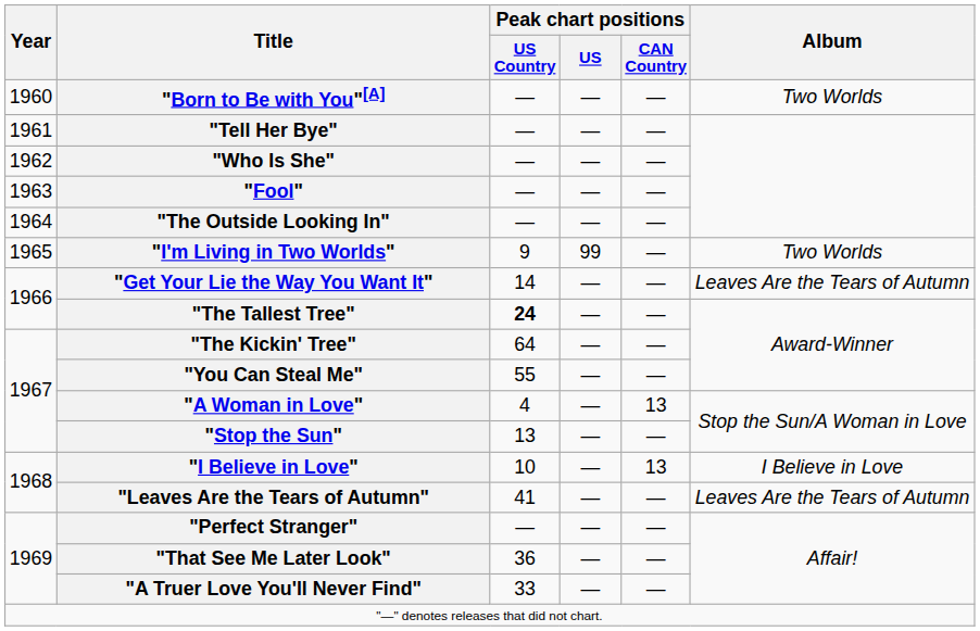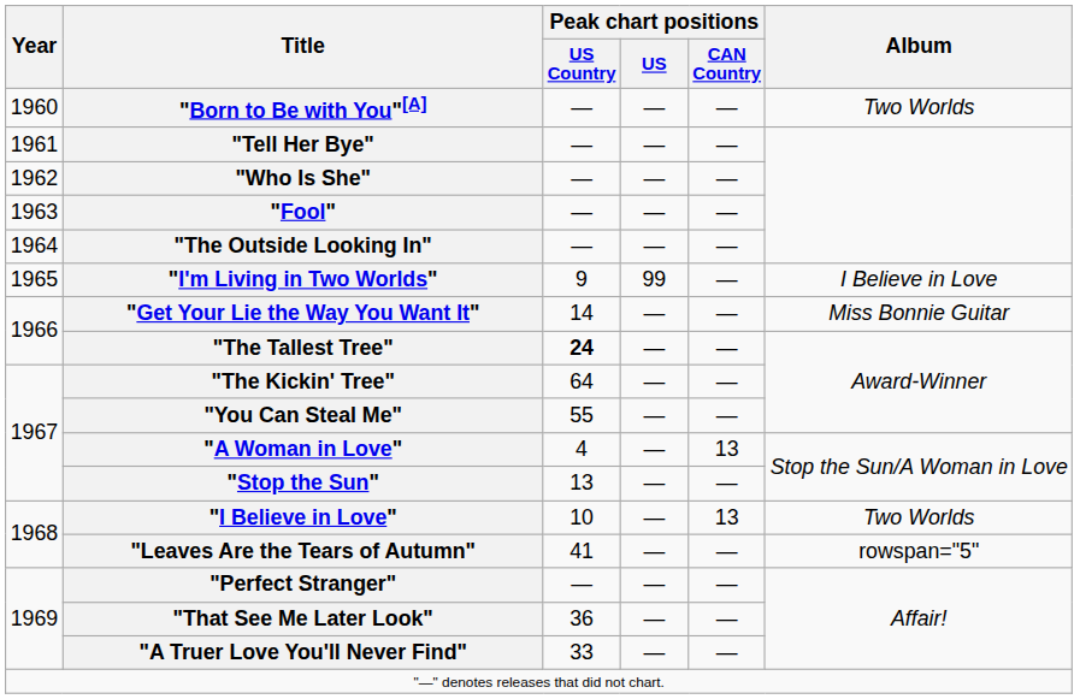 <table class="wikitable plainrowheaders" style="text-align:center;">
 <tr>
 <th rowspan="2">Year</th>
 <th rowspan="2" style="width:22em;">Title</th>
 <th colspan="3">Peak chart positions</th>
 <th rowspan="2">Album</th>
 </tr>
 <tr style="font-size:smaller;">
 <th width="45"><a href='#'>US Country</a><br></th>
 <th width="45"><a href='#'>US</a><br></th>
 <th width="45"><a href='#'>CAN Country</a><br></th>
 </tr>
 <tr>
 <td>1960</td>
 <th scope="row">"<a href='#'>Born to Be with You</a>"<sup><span></span><a href='#'><strong>[A]</strong></a></sup> </th>
 <td>—</td>
 <td>—</td>
 <td>—</td>
 <td><em>Two Worlds</em></td>
 </tr>
 <tr>
 <td>1961</td>
 <th scope="row">"Tell Her Bye"</th>
 <td>—</td>
 <td>—</td>
 <td>—</td>
 </tr>
 <tr>
 <td>1962</td>
 <th scope="row">"Who Is She"</th>
 <td>—</td>
 <td>—</td>
 <td>—</td>
 </tr>
 <tr>
 <td>1963</td>
 <th scope="row">"<a href='#'>Fool</a>"</th>
 <td>—</td>
 <td>—</td>
 <td>—</td>
 </tr>
 <tr>
 <td>1964</td>
 <th scope="row">"The Outside Looking In"</th>
 <td>—</td>
 <td>—</td>
 <td>—</td>
 </tr>
 <tr>
 <td>1965</td>
 <th scope="row">"<a href='#'>I'm Living in Two Worlds</a>"</th>
 <td>9</td>
 <td>99</td>
 <td>—</td>
-<td><em>Two Worlds</em></td>
+<td><em>I Believe in Love</em></td>
 </tr>
 <tr>
 <td rowspan="2">1966</td>
 <th scope="row">"<a href='#'>Get Your Lie the Way You Want It</a>"</th>
 <td>14</td>
 <td>—</td>
 <td>—</td>
-<td><em>Leaves Are the Tears of Autumn</em></td>
+<td><em>Miss Bonnie Guitar</em></td>
 </tr>
 <tr>
 <th scope="row">"The Tallest Tree"</th>
 <td><strong>24</strong></td>
 <td>—</td>
 <td>—</td>
 <td rowspan="3"><em>Award-Winner</em></td>
 </tr>
 <tr>
 <td rowspan="4">1967</td>
 <th scope="row">"The Kickin' Tree"</th>
 <td>64</td>
 <td>—</td>
 <td>—</td>
 </tr>
 <tr>
 <th scope="row">"You Can Steal Me"</th>
 <td>55</td>
 <td>—</td>
 <td>—</td>
 </tr>
 <tr>
 <th scope="row">"<a href='#'>A Woman in Love</a>"</th>
 <td>4</td>
 <td>—</td>
 <td>13</td>
 <td rowspan="2"><em>Stop the Sun/A Woman in Love</em></td>
 </tr>
 <tr>
 <th scope="row">"<a href='#'>Stop the Sun</a>"</th>
 <td>13</td>
 <td>—</td>
 <td>—</td>
 </tr>
 <tr>
 <td rowspan="2">1968</td>
 <th scope="row">"<a href='#'>I Believe in Love</a>"</th>
 <td>10</td>
 <td>—</td>
 <td>13</td>
-<td><em>I Believe in Love</em></td>
+<td><em>Two Worlds</em></td>
 </tr>
 <tr>
 <th scope="row">"Leaves Are the Tears of Autumn"</th>
 <td>41</td>
 <td>—</td>
 <td>—</td>
-<td><em>Leaves Are the Tears of Autumn</em></td>
+<td>rowspan="5" </td>
 </tr>
 <tr>
 <td rowspan="3">1969</td>
 <th scope="row">"Perfect Stranger"</th>
 <td>—</td>
 <td>—</td>
 <td>—</td>
 <td rowspan="3"><em>Affair!</em></td>
 </tr>
 <tr>
 <th scope="row">"That See Me Later Look"</th>
 <td>36</td>
 <td>—</td>
 <td>—</td>
 </tr>
 <tr>
 <th scope="row">"A Truer Love You'll Never Find" </th>
 <td>33</td>
 <td>—</td>
 <td>—</td>
 </tr>
 <tr>
 <td align="center" colspan="6" style="font-size: 8pt">"—" denotes releases that did not chart.</td>
 </tr>
 </table>
